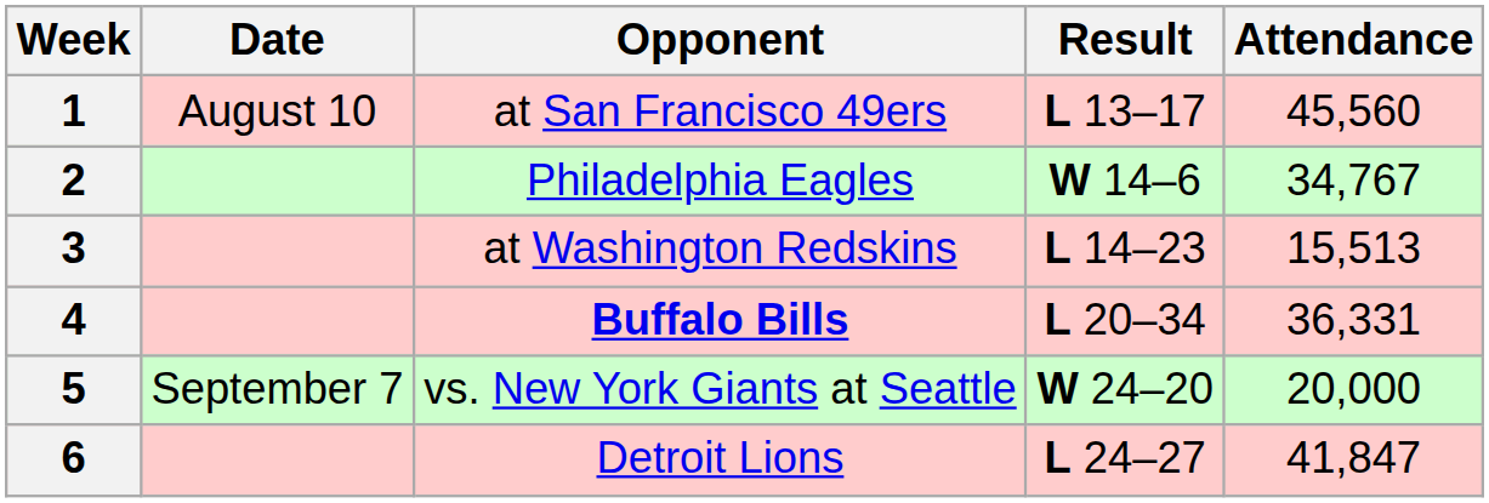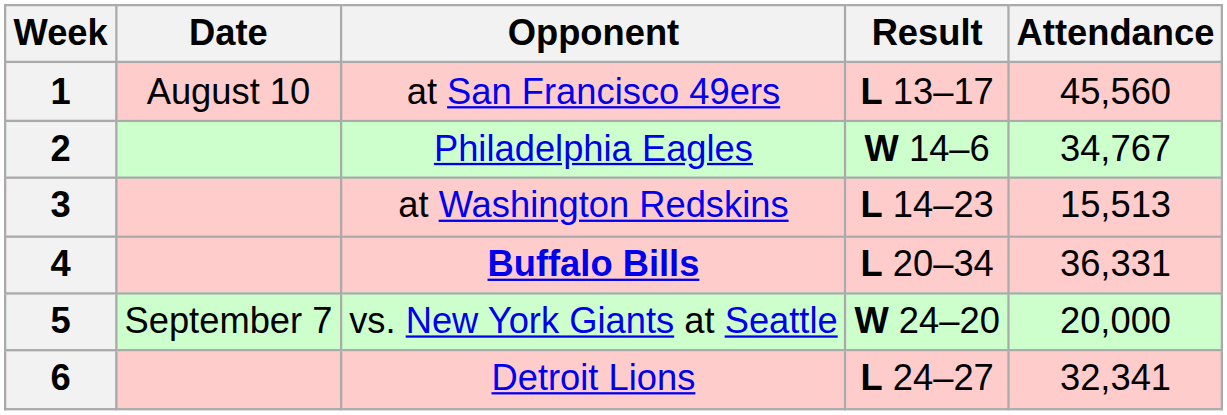 <table class="wikitable" style="text-align:center">
 <tr>
 <th>Week</th>
 <th>Date</th>
 <th>Opponent</th>
 <th>Result</th>
 <th>Attendance</th>
 </tr>
 <tr style="background: #fcc">
 <th>1</th>
 <td>August 10</td>
 <td>at <a href='#'>San Francisco 49ers</a></td>
 <td><strong>L</strong> 13–17</td>
 <td>45,560</td>
 </tr>
 <tr style="background: #cfc">
 <th>2</th>
 <td></td>
 <td><a href='#'>Philadelphia Eagles</a></td>
 <td><strong>W</strong> 14–6</td>
 <td>34,767</td>
 </tr>
 <tr style="background: #fcc">
 <th>3</th>
 <td></td>
 <td>at <a href='#'>Washington Redskins</a></td>
 <td><strong>L</strong> 14–23</td>
 <td>15,513</td>
 </tr>
 <tr style="background: #fcc">
 <th>4</th>
 <td></td>
 <td><strong><a href='#'>Buffalo Bills</a></strong></td>
 <td><strong>L</strong> 20–34</td>
 <td>36,331</td>
 </tr>
 <tr style="background: #cfc">
 <th>5</th>
 <td>September 7</td>
 <td>vs. <a href='#'>New York Giants</a> at <a href='#'>Seattle</a></td>
 <td><strong>W</strong> 24–20</td>
 <td>20,000</td>
 </tr>
 <tr style="background: #fcc">
 <th>6</th>
 <td></td>
 <td><a href='#'>Detroit Lions</a></td>
 <td><strong>L</strong> 24–27</td>
-<td>41,847</td>
+<td>32,341</td>
 </tr>
 </table>
